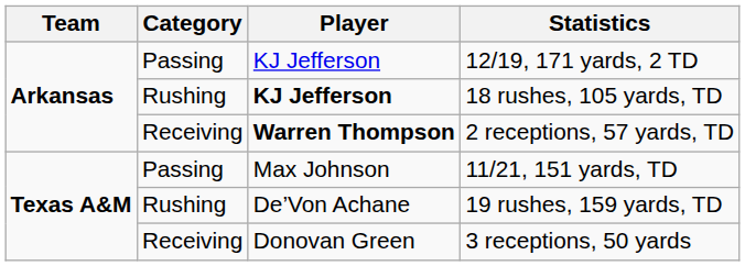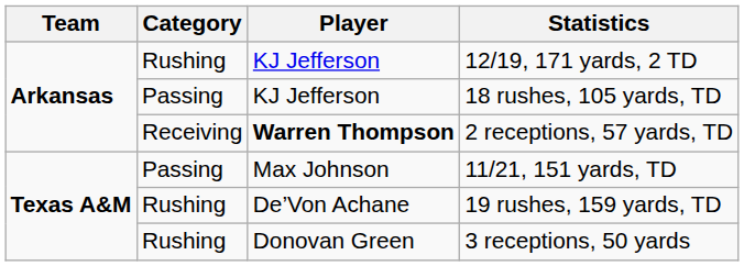 <table class="wikitable" style="float: right;">
 <tr>
 <th>Team</th>
 <th>Category</th>
 <th>Player</th>
 <th>Statistics</th>
 </tr>
 <tr>
 <td rowspan=3><strong>Arkansas</strong></td>
-<td>Passing</td>
+<td>Rushing</td>
 <td><a href='#'>KJ Jefferson</a></td>
 <td>12/19, 171 yards, 2 TD</td>
 </tr>
 <tr>
-<td>Rushing</td>
-<td><strong>KJ Jefferson</strong></td>
+<td>Passing</td>
+<td>KJ Jefferson</td>
 <td>18 rushes, 105 yards, TD</td>
 </tr>
 <tr>
 <td>Receiving</td>
 <td><strong>Warren Thompson</strong></td>
 <td>2 receptions, 57 yards, TD</td>
 </tr>
 <tr>
 <td rowspan=3><strong>Texas A&M</strong></td>
 <td>Passing</td>
 <td>Max Johnson</td>
 <td>11/21, 151 yards, TD</td>
 </tr>
 <tr>
 <td>Rushing</td>
 <td>De’Von Achane</td>
 <td>19 rushes, 159 yards, TD</td>
 </tr>
 <tr>
-<td>Receiving</td>
+<td>Rushing</td>
 <td>Donovan Green</td>
 <td>3 receptions, 50 yards</td>
 </tr>
 </table>
